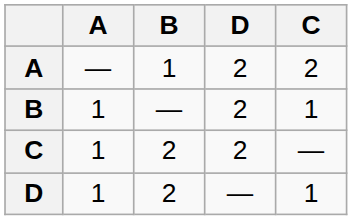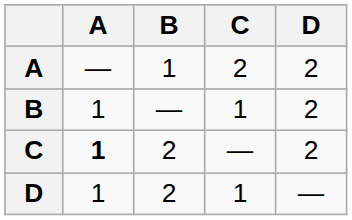 <table class="wikitable" style="width:13em;margin:auto;text-align:center">
 <tr>
 <th></th>
 <th>A</th>
 <th>B</th>
+<th>C</th>
 <th>D</th>
-<th>C</th>
 </tr>
 <tr>
 <th>A</th>
 <td>—</td>
 <td>1</td>
 <td>2</td>
 <td>2</td>
 </tr>
 <tr>
 <th>B</th>
 <td>1</td>
 <td>—</td>
+<td>1</td>
 <td>2</td>
-<td>1</td>
 </tr>
 <tr>
 <th>C</th>
-<td>1</td>
-<td>2</td>
+<td><strong>1</strong></td>
 <td>2</td>
 <td>—</td>
+<td>2</td>
 </tr>
 <tr>
 <th>D</th>
 <td>1</td>
 <td>2</td>
+<td>1</td>
 <td>—</td>
-<td>1</td>
 </tr>
 </table>
